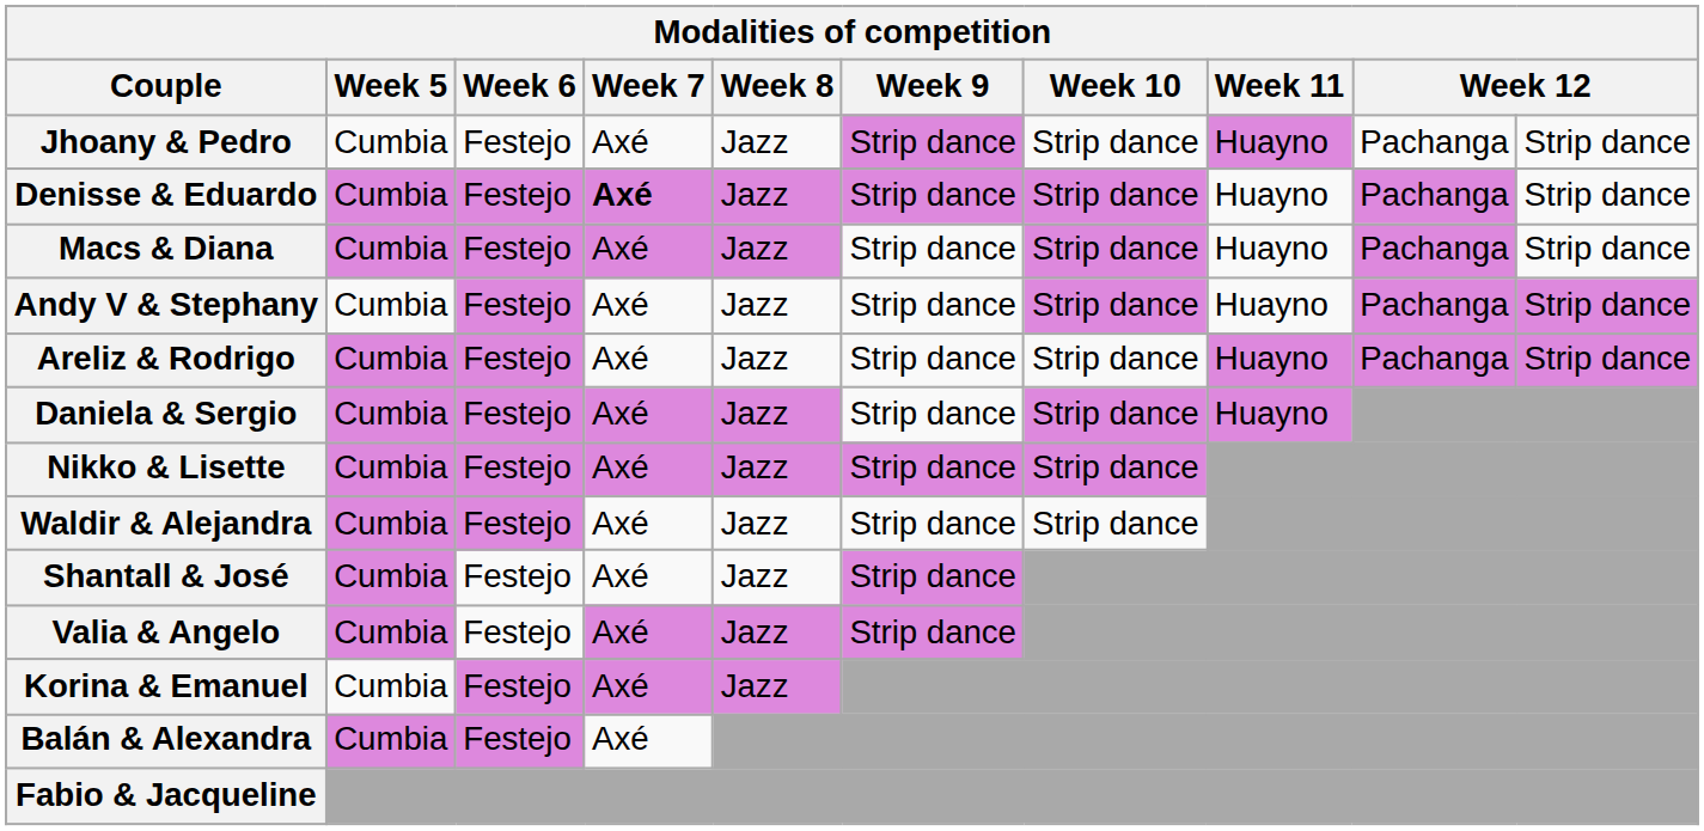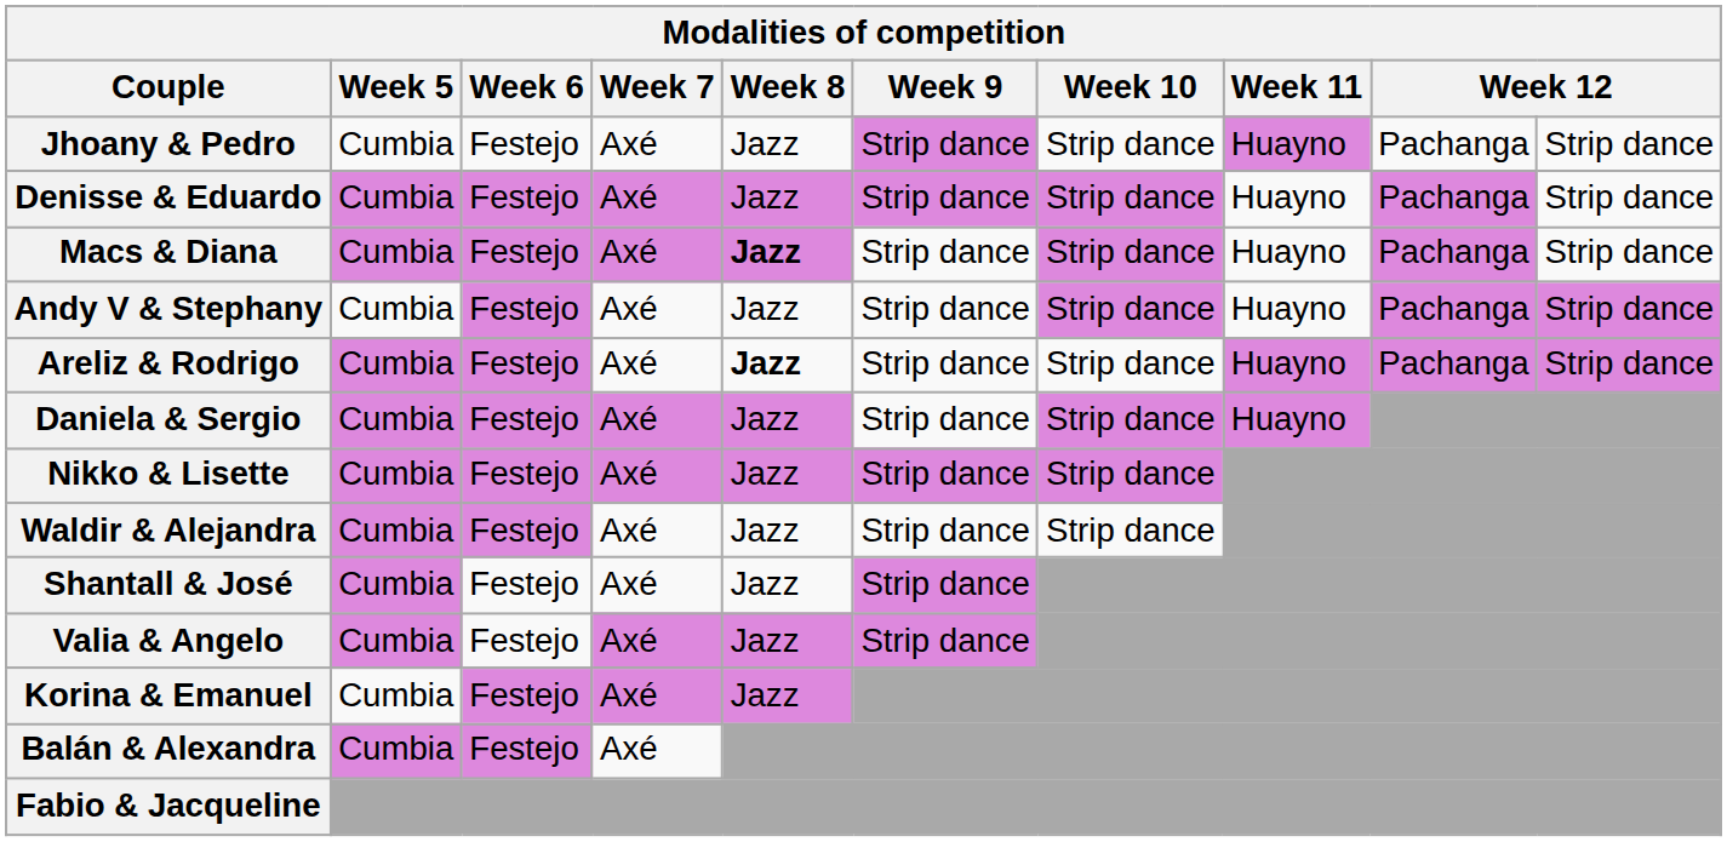 <table class="wikitable collapsible collapsed" style="text-align:left; font-size:85%; line-height:16px;">
 <tr>
 <th colspan=10>Modalities of competition</th>
 </tr>
 <tr>
 <th>Couple</th>
 <th>Week 5</th>
 <th>Week 6</th>
 <th>Week 7</th>
 <th>Week 8</th>
 <th>Week 9</th>
 <th>Week 10</th>
 <th>Week 11</th>
 <th colspan=2>Week 12</th>
 </tr>
 <tr>
 <th>Jhoany & Pedro</th>
 <td style="background:FFA500;">Cumbia</td>
 <td style="background:FFA500;">Festejo</td>
 <td style="background:FFA500;">Axé</td>
 <td style="background:FFA500;">Jazz</td>
 <td style="background:#dd88dd;">Strip dance</td>
 <td style="background:FFA500;">Strip dance</td>
 <td style="background:#dd88dd;">Huayno</td>
 <td style="background:FFA500;">Pachanga</td>
 <td style="background:FFA500;">Strip dance</td>
 </tr>
 <tr>
 <th>Denisse & Eduardo</th>
 <td style="background:#dd88dd;">Cumbia</td>
 <td style="background:#dd88dd;">Festejo</td>
-<td style="background:#dd88dd;"><strong>Axé</strong></td>
+<td style="background:#dd88dd;">Axé</td>
 <td style="background:#dd88dd;">Jazz</td>
 <td style="background:#dd88dd;">Strip dance</td>
 <td style="background:#dd88dd;">Strip dance</td>
 <td style="background:FFA500;">Huayno</td>
 <td style="background:#dd88dd;">Pachanga</td>
 <td style="background:FFA500;">Strip dance</td>
 </tr>
 <tr>
 <th>Macs & Diana</th>
 <td style="background:#dd88dd;">Cumbia</td>
 <td style="background:#dd88dd;">Festejo</td>
 <td style="background:#dd88dd;">Axé</td>
-<td style="background:#dd88dd;">Jazz</td>
+<td style="background:#dd88dd;"><strong>Jazz</strong></td>
 <td style="background:FFA500;">Strip dance</td>
 <td style="background:#dd88dd;">Strip dance</td>
 <td style="background:FFA500;">Huayno</td>
 <td style="background:#dd88dd;">Pachanga</td>
 <td style="background:FFA500;">Strip dance</td>
 </tr>
 <tr>
 <th>Andy V & Stephany</th>
 <td style="background:FFA500;">Cumbia</td>
 <td style="background:#dd88dd;">Festejo</td>
 <td style="background:FFA500;">Axé</td>
 <td style="background:FFA500;">Jazz</td>
 <td style="background:FFA500;">Strip dance</td>
 <td style="background:#dd88dd;">Strip dance</td>
 <td style="background:FFA500;">Huayno</td>
 <td style="background:#dd88dd;">Pachanga</td>
 <td style="background:#dd88dd;">Strip dance</td>
 </tr>
 <tr>
 <th>Areliz & Rodrigo</th>
 <td style="background:#dd88dd;">Cumbia</td>
 <td style="background:#dd88dd;">Festejo</td>
 <td style="background:FFA500;">Axé</td>
-<td style="background:FFA500;">Jazz</td>
+<td style="background:FFA500;"><strong>Jazz</strong></td>
 <td style="background:FFA500;">Strip dance</td>
 <td style="background:FFA500;">Strip dance</td>
 <td style="background:#dd88dd;">Huayno</td>
 <td style="background:#dd88dd;">Pachanga</td>
 <td style="background:#dd88dd;">Strip dance</td>
 </tr>
 <tr>
 <th>Daniela & Sergio</th>
 <td style="background:#dd88dd;">Cumbia</td>
 <td style="background:#dd88dd;">Festejo</td>
 <td style="background:#dd88dd;">Axé</td>
 <td style="background:#dd88dd;">Jazz</td>
 <td style="background:FFA500;">Strip dance</td>
 <td style="background:#dd88dd;">Strip dance</td>
 <td style="background:#dd88dd;">Huayno</td>
 <td style="background:darkgrey;" colspan="2"></td>
 </tr>
 <tr>
 <th>Nikko & Lisette</th>
 <td style="background:#dd88dd;">Cumbia</td>
 <td style="background:#dd88dd;">Festejo</td>
 <td style="background:#dd88dd;">Axé</td>
 <td style="background:#dd88dd;">Jazz</td>
 <td style="background:#dd88dd;">Strip dance</td>
 <td style="background:#dd88dd;">Strip dance</td>
 <td style="background:darkgrey;" colspan="4"></td>
 </tr>
 <tr>
 <th>Waldir & Alejandra</th>
 <td style="background:#dd88dd;">Cumbia</td>
 <td style="background:#dd88dd;">Festejo</td>
 <td style="background:FFA500;">Axé</td>
 <td style="background:FFA500;">Jazz</td>
 <td style="background:FFA500;">Strip dance</td>
 <td style="background:FFA500;">Strip dance</td>
 <td style="background:darkgrey;" colspan="4"></td>
 </tr>
 <tr>
 <th>Shantall & José</th>
 <td style="background:#dd88dd;">Cumbia</td>
 <td style="background:FFA500;">Festejo</td>
 <td style="background:FFA500;">Axé</td>
 <td style="background:FFA500;">Jazz</td>
 <td style="background:#dd88dd;">Strip dance</td>
 <td style="background:darkgrey;" colspan="6"></td>
 </tr>
 <tr>
 <th>Valia & Angelo</th>
 <td style="background:#dd88dd;">Cumbia</td>
 <td style="background:FFA500;">Festejo</td>
 <td style="background:#dd88dd;">Axé</td>
 <td style="background:#dd88dd;">Jazz</td>
 <td style="background:#dd88dd;">Strip dance</td>
 <td style="background:darkgrey;" colspan="6"></td>
 </tr>
 <tr>
 <th>Korina & Emanuel</th>
 <td style="background:FFA500;">Cumbia</td>
 <td style="background:#dd88dd;">Festejo</td>
 <td style="background:#dd88dd;">Axé</td>
 <td style="background:#dd88dd;">Jazz</td>
 <td style="background:darkgrey;" colspan="7"></td>
 </tr>
 <tr>
 <th>Balán & Alexandra</th>
 <td style="background:#dd88dd;">Cumbia</td>
 <td style="background:#dd88dd;">Festejo</td>
 <td style="background:FFA500;">Axé</td>
 <td style="background:darkgrey;" colspan="8"></td>
 </tr>
 <tr>
 <th>Fabio & Jacqueline</th>
 <td style="background:darkgrey;" colspan="11"></td>
 </tr>
 </table>
